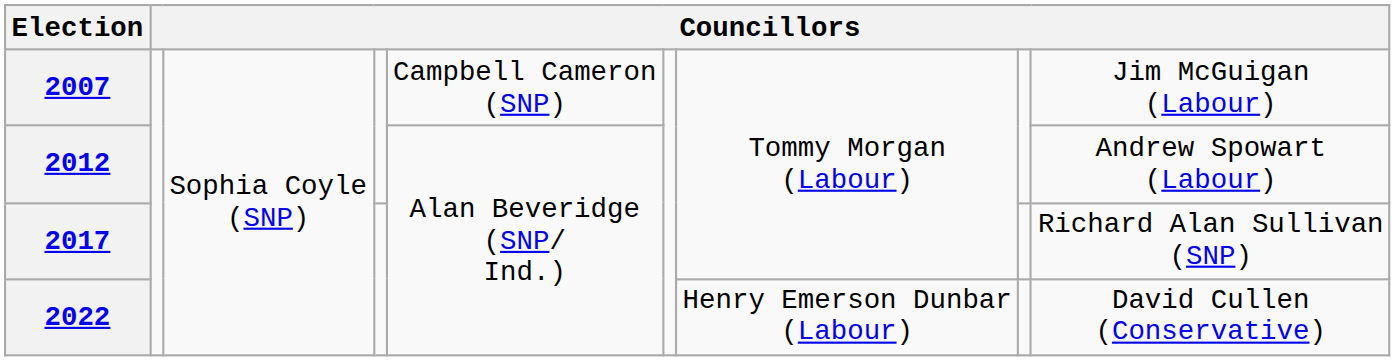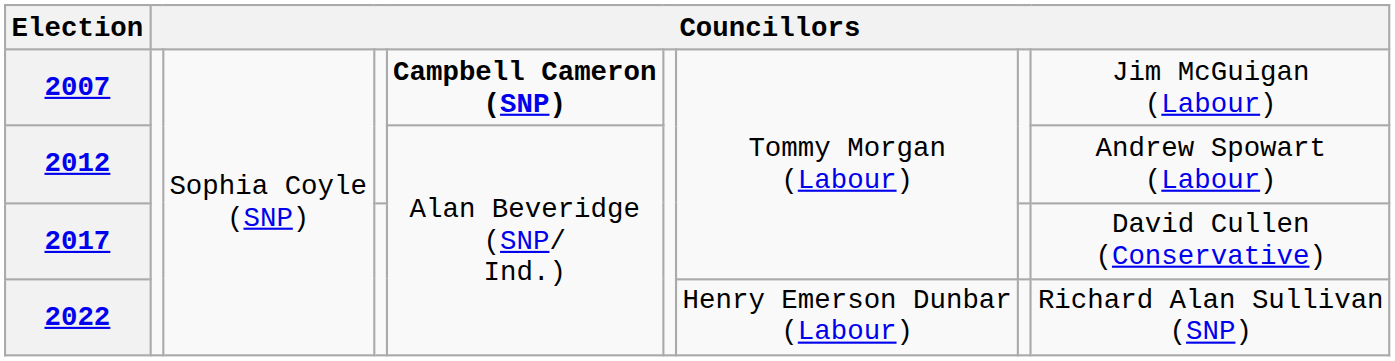 <table class="wikitable" style="text-align:center">
 <tr>
 <th>Election</th>
 <th colspan=8>Councillors</th>
 </tr>
 <tr>
 <th><a href='#'>2007</a></th>
 <td rowspan=4; style="background-color: "></td>
 <td rowspan=4>Sophia Coyle<br>(<a href='#'>SNP</a>)</td>
 <td rowspan=2; style="background-color: "></td>
-<td rowspan=1>Campbell Cameron<br>(<a href='#'>SNP</a>)</td>
+<td rowspan=1><strong>Campbell Cameron<br>(<a href='#'>SNP</a>)</strong></td>
 <td rowspan=4; style="background-color: "></td>
 <td rowspan=3>Tommy Morgan<br>(<a href='#'>Labour</a>)</td>
 <td rowspan=2; style="background-color: "></td>
 <td rowspan=1>Jim McGuigan<br>(<a href='#'>Labour</a>)</td>
 </tr>
 <tr>
 <th><a href='#'>2012</a></th>
 <td rowspan=3>Alan Beveridge<br>(<a href='#'>SNP</a>/<br>Ind.)</td>
 <td rowspan=1>Andrew Spowart<br>(<a href='#'>Labour</a>)</td>
 </tr>
 <tr>
 <th><a href='#'>2017</a></th>
 <td rowspan=2; style="background-color: "></td>
 <td rowspan=1; style="background-color: "></td>
-<td rowspan=1>Richard Alan Sullivan<br>(<a href='#'>SNP</a>)</td>
+<td rowspan=1>David Cullen<br>(<a href='#'>Conservative</a>)</td>
 </tr>
 <tr>
 <th><a href='#'>2022</a></th>
 <td rowspan=1>Henry Emerson Dunbar<br>(<a href='#'>Labour</a>)</td>
 <td rowspan=1; style="background-color: "></td>
-<td rowspan=1>David Cullen<br>(<a href='#'>Conservative</a>)</td>
+<td rowspan=1>Richard Alan Sullivan<br>(<a href='#'>SNP</a>)</td>
 </tr>
 </table>
